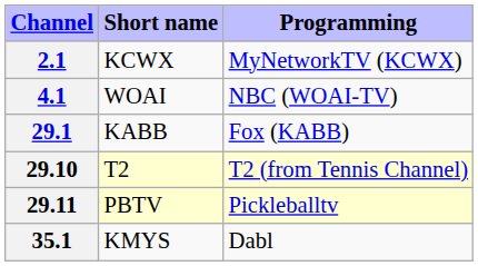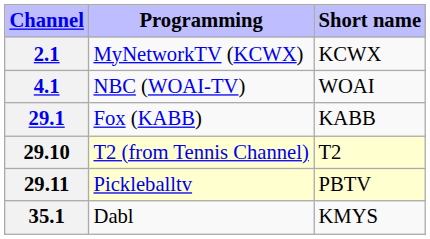 <table class="wikitable">
 <tr>
 <th style="background-color: #bdbdff" scope = "col"><a href='#'>Channel</a></th>
+<th style="background-color: #bdbdff" scope = "col">Programming</th>
 <th style="background-color: #bdbdff" scope = "col">Short name</th>
-<th style="background-color: #bdbdff" scope = "col">Programming</th>
 </tr>
 <tr>
 <th scope = "row"><a href='#'>2.1</a></th>
+<td><a href='#'>MyNetworkTV</a> (<a href='#'>KCWX</a>)</td>
 <td>KCWX</td>
-<td><a href='#'>MyNetworkTV</a> (<a href='#'>KCWX</a>)</td>
 </tr>
 <tr>
 <th scope = "row"><a href='#'>4.1</a></th>
+<td><a href='#'>NBC</a> (<a href='#'>WOAI-TV</a>)</td>
 <td>WOAI</td>
-<td><a href='#'>NBC</a> (<a href='#'>WOAI-TV</a>)</td>
 </tr>
 <tr>
 <th scope = "row"><a href='#'>29.1</a></th>
+<td><a href='#'>Fox</a> (<a href='#'>KABB</a>)</td>
 <td>KABB</td>
-<td><a href='#'>Fox</a> (<a href='#'>KABB</a>)</td>
 </tr>
 <tr>
 <th scope = "row">29.10</th>
+<td style="background-color:#ffffd0"><a href='#'>T2 (from Tennis Channel)</a></td>
 <td style="background-color:#ffffd0">T2</td>
-<td style="background-color:#ffffd0"><a href='#'>T2 (from Tennis Channel)</a></td>
 </tr>
 <tr>
 <th scope = "row">29.11</th>
+<td style="background-color:#ffffd0"><a href='#'>Pickleballtv</a></td>
 <td style="background-color:#ffffd0">PBTV</td>
-<td style="background-color:#ffffd0"><a href='#'>Pickleballtv</a></td>
 </tr>
 <tr>
 <th scope = "row">35.1</th>
+<td>Dabl</td>
 <td>KMYS</td>
-<td>Dabl</td>
 </tr>
 </table>
